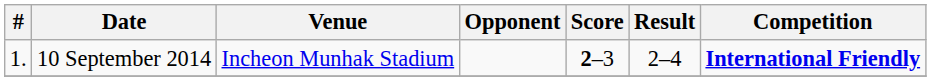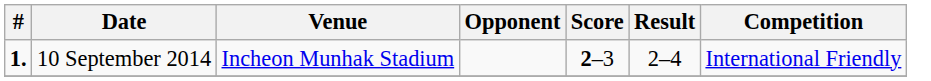 <table class="wikitable">
 <tr>
 <th>#</th>
 <th>Date</th>
 <th>Venue</th>
 <th>Opponent</th>
 <th>Score</th>
 <th>Result</th>
 <th>Competition</th>
 </tr>
 <tr>
-<td>1.</td>
+<td><strong>1.</strong></td>
 <td>10 September 2014</td>
 <td><a href='#'>Incheon Munhak Stadium</a></td>
 <td></td>
 <td style="text-align:center;"><strong>2</strong>–3</td>
 <td style="text-align:center;">2–4</td>
-<td><strong><a href='#'>International Friendly</a></strong></td>
+<td><a href='#'>International Friendly</a></td>
 </tr>
 <tr>
 </tr>
 </table>
